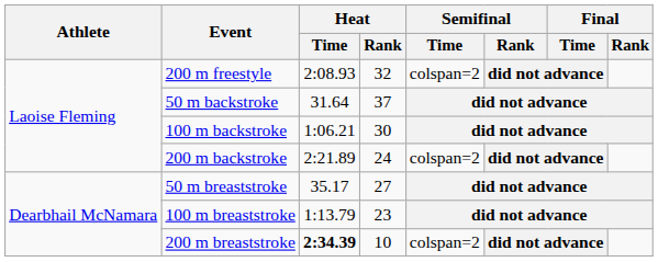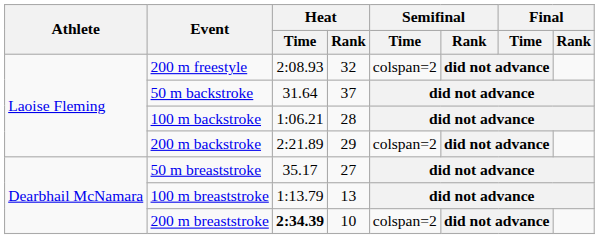 <table class=wikitable style="font-size:90%">
 <tr>
 <th rowspan=2>Athlete</th>
 <th rowspan=2>Event</th>
 <th colspan="2">Heat</th>
 <th colspan="2">Semifinal</th>
 <th colspan="2">Final</th>
 </tr>
 <tr style="font-size:95%">
 <th>Time</th>
 <th>Rank</th>
 <th>Time</th>
 <th>Rank</th>
 <th>Time</th>
 <th>Rank</th>
 </tr>
 <tr align=center>
 <td align=left rowspan=4><a href='#'>Laoise Fleming</a></td>
 <td align=left><a href='#'>200 m freestyle</a></td>
 <td>2:08.93</td>
 <td>32</td>
 <td>colspan=2 </td>
 <th colspan=2>did not advance</th>
 </tr>
 <tr align=center>
 <td align=left><a href='#'>50 m backstroke</a></td>
 <td>31.64</td>
 <td>37</td>
 <th colspan=4>did not advance</th>
 </tr>
 <tr align=center>
 <td align=left><a href='#'>100 m backstroke</a></td>
 <td>1:06.21</td>
-<td>30</td>
+<td>28</td>
 <th colspan=4>did not advance</th>
 </tr>
 <tr align=center>
 <td align=left><a href='#'>200 m backstroke</a></td>
 <td>2:21.89</td>
-<td>24</td>
+<td>29</td>
 <td>colspan=2 </td>
 <th colspan=2>did not advance</th>
 </tr>
 <tr align=center>
 <td align=left rowspan=3><a href='#'>Dearbhail McNamara</a></td>
 <td align=left><a href='#'>50 m breaststroke</a></td>
 <td>35.17</td>
 <td>27</td>
 <th colspan=4>did not advance</th>
 </tr>
 <tr align=center>
 <td align=left><a href='#'>100 m breaststroke</a></td>
 <td>1:13.79</td>
-<td>23</td>
+<td>13</td>
 <th colspan=4>did not advance</th>
 </tr>
 <tr align=center>
 <td align=left><a href='#'>200 m breaststroke</a></td>
 <td><strong>2:34.39</strong></td>
 <td>10</td>
 <td>colspan=2 </td>
 <th colspan=2>did not advance</th>
 </tr>
 </table>
